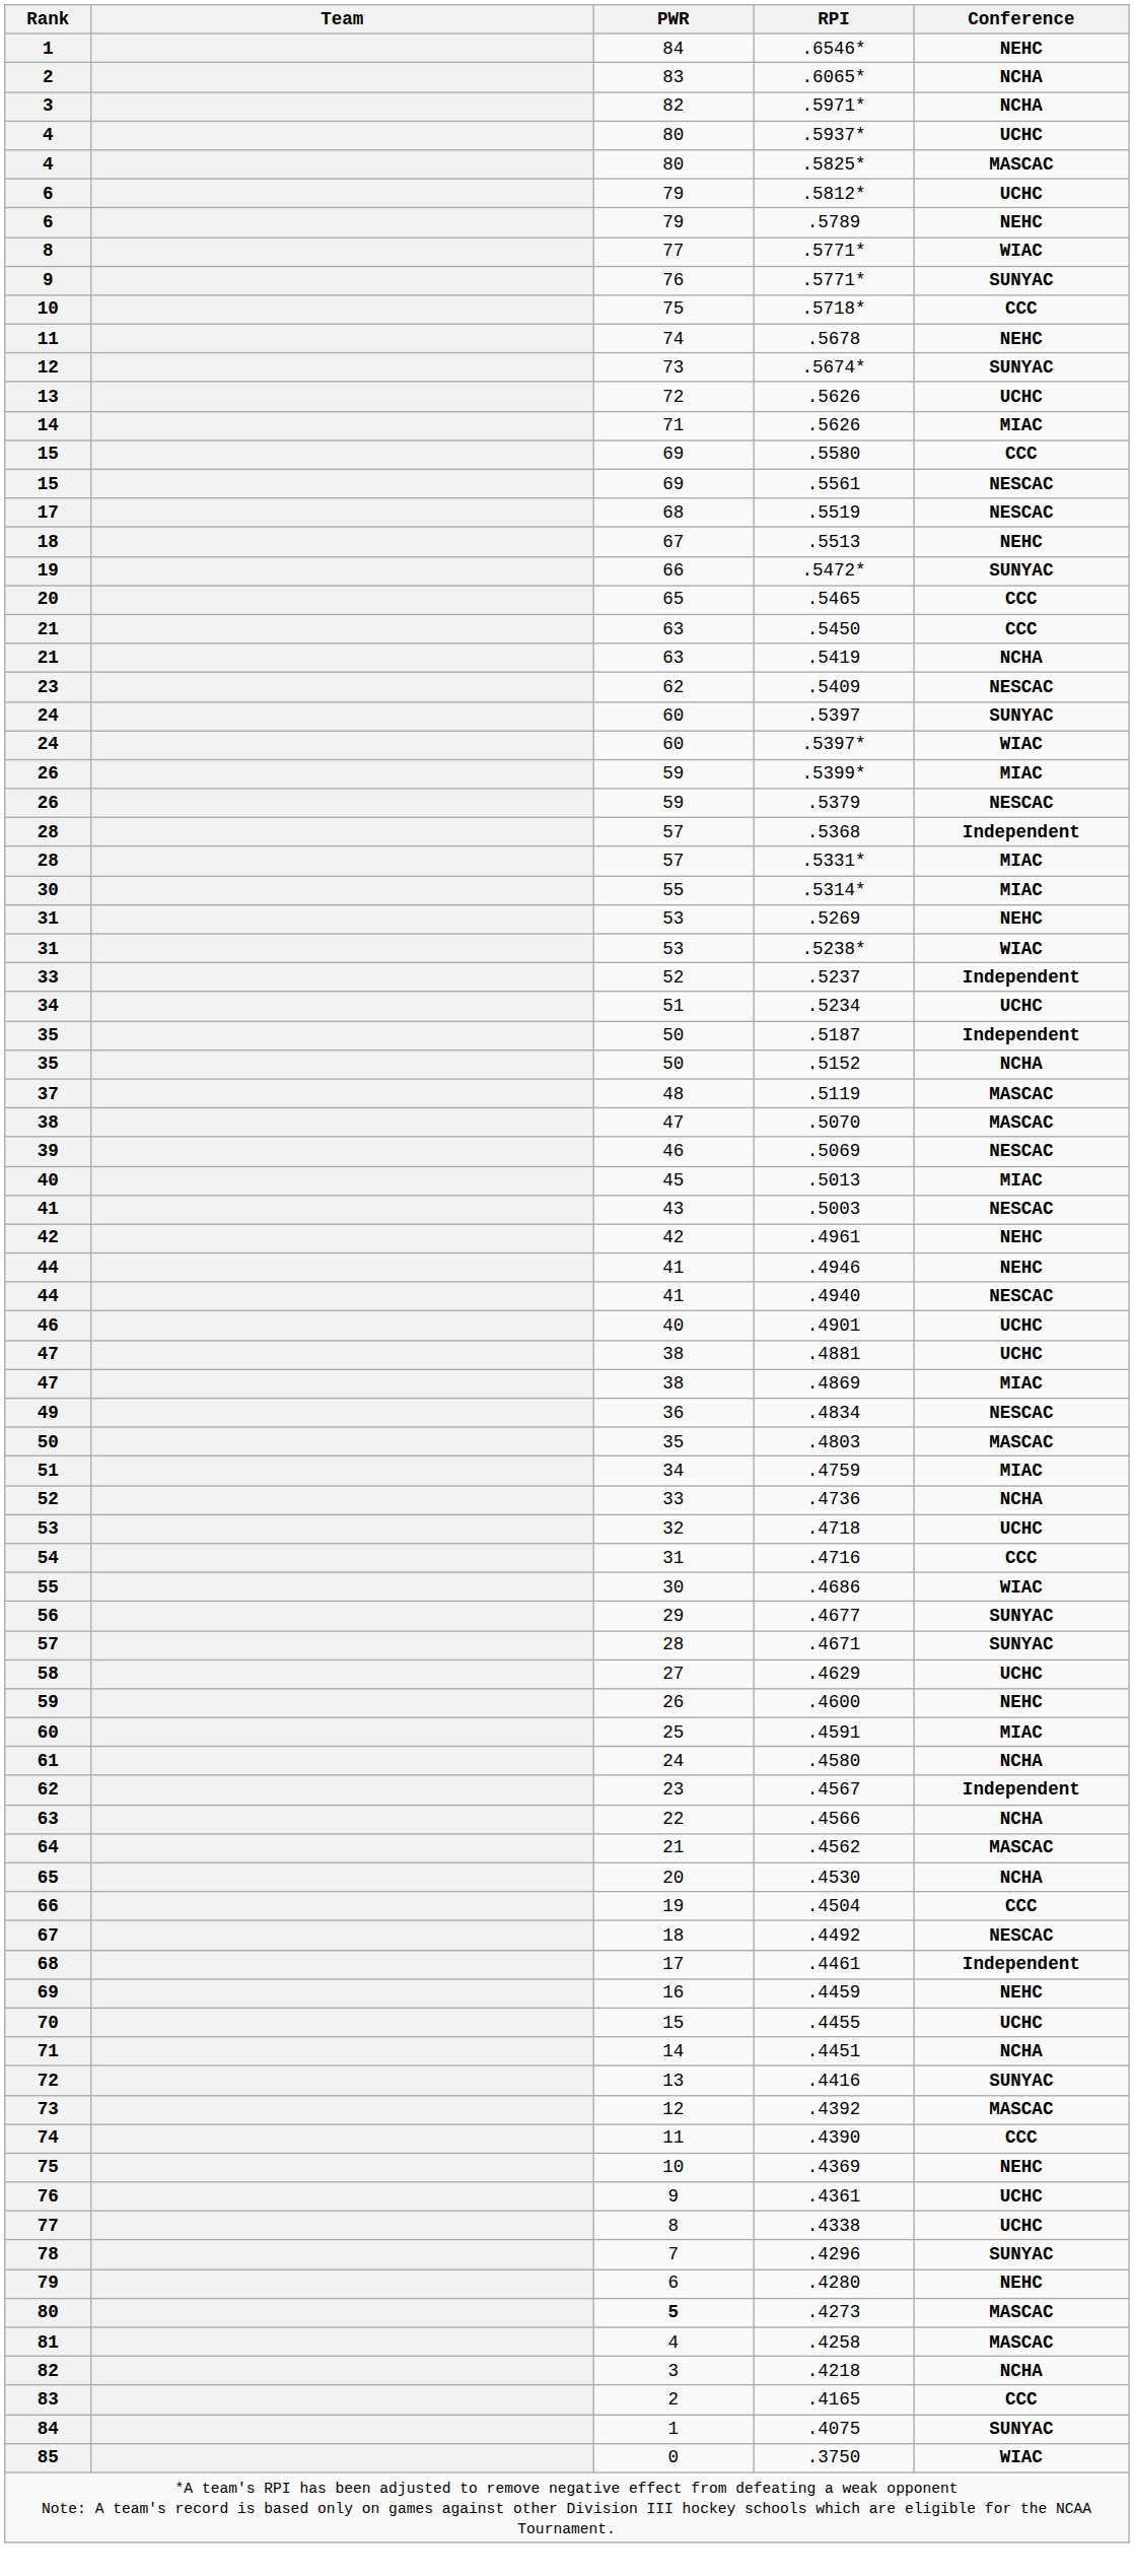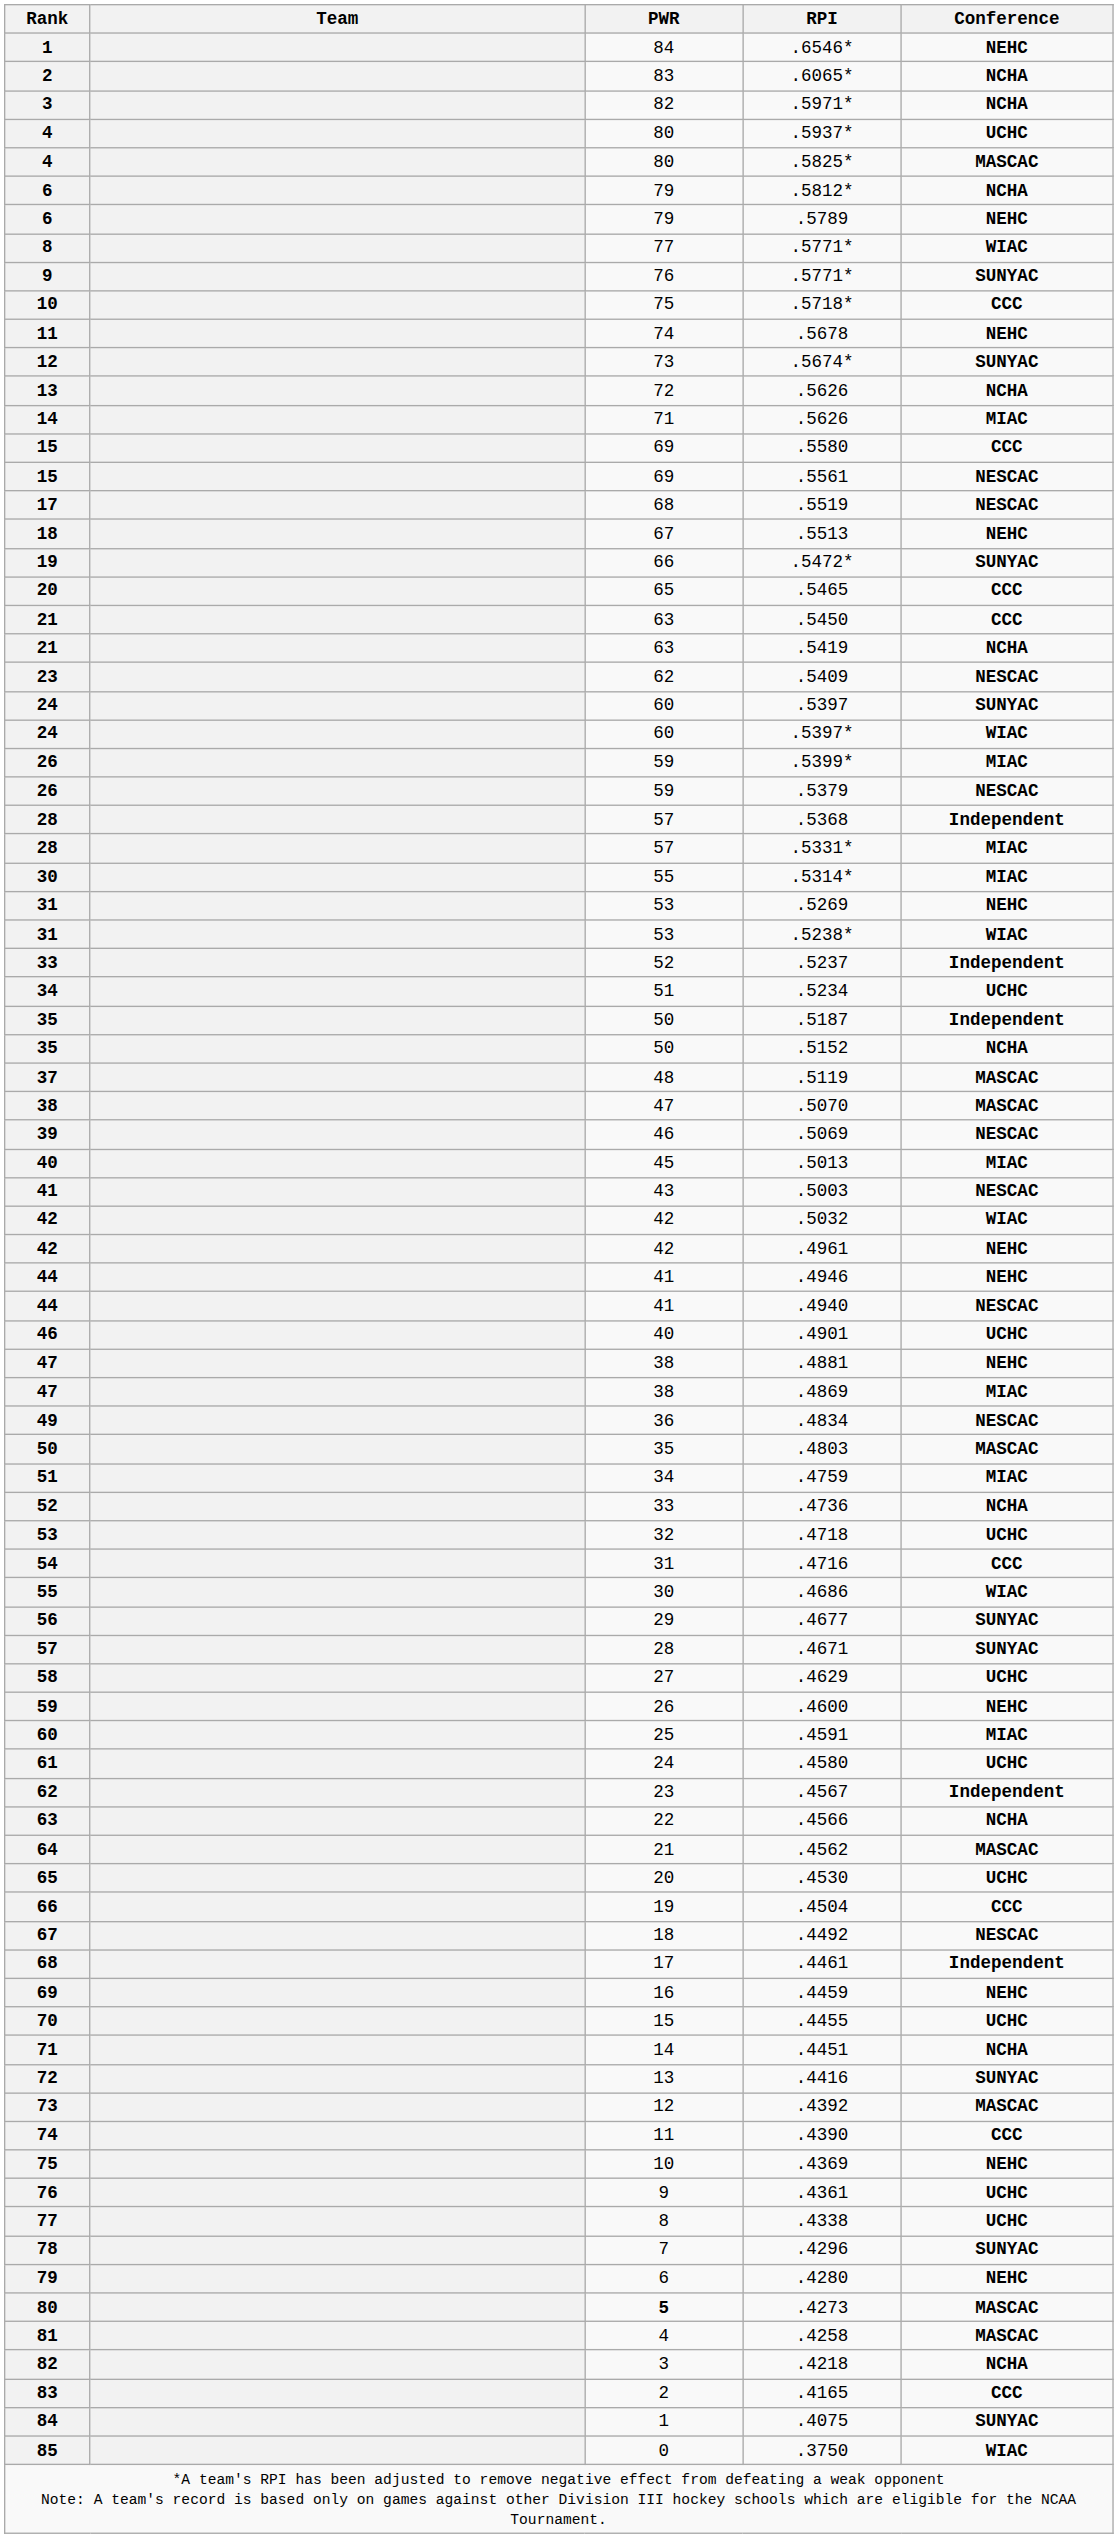 <table class="wikitable sortable" style="text-align: center;" width=65%>
 <tr>
 <th ! width="4%">Rank</th>
 <th ! width="25%">Team</th>
 <th ! width="8%">PWR</th>
 <th ! width="8%">RPI</th>
 <th ! width="10%">Conference</th>
 </tr>
 <tr>
 <th>1</th>
 <th align=center><strong><a href='#'></a></strong></th>
 <td>84</td>
 <td>.6546*</td>
 <td><strong>NEHC</strong></td>
 </tr>
 <tr>
 <th>2</th>
 <th align=center><strong><a href='#'></a></strong></th>
 <td>83</td>
 <td>.6065*</td>
 <td><strong>NCHA</strong></td>
 </tr>
 <tr>
 <th>3</th>
 <th align=center><strong><a href='#'></a></strong></th>
 <td>82</td>
 <td>.5971*</td>
 <td><strong>NCHA</strong></td>
 </tr>
 <tr>
 <th>4</th>
 <th align=center><strong><a href='#'></a></strong></th>
 <td>80</td>
 <td>.5937*</td>
 <td><strong>UCHC</strong></td>
 </tr>
 <tr>
 <th>4</th>
 <th align=center><strong><a href='#'></a></strong></th>
 <td>80</td>
 <td>.5825*</td>
 <td><strong>MASCAC</strong></td>
 </tr>
 <tr>
 <th>6</th>
 <th align=center><strong><a href='#'></a></strong></th>
 <td>79</td>
 <td>.5812*</td>
-<td><strong>UCHC</strong></td>
+<td><strong>NCHA</strong></td>
 </tr>
 <tr>
 <th>6</th>
 <th align=center><strong><a href='#'></a></strong></th>
 <td>79</td>
 <td>.5789</td>
 <td><strong>NEHC</strong></td>
 </tr>
 <tr>
 <th>8</th>
 <th align=center><strong><a href='#'></a></strong></th>
 <td>77</td>
 <td>.5771*</td>
 <td><strong>WIAC</strong></td>
 </tr>
 <tr>
 <th>9</th>
 <th align=center><strong><a href='#'></a></strong></th>
 <td>76</td>
 <td>.5771*</td>
 <td><strong>SUNYAC</strong></td>
 </tr>
 <tr>
 <th>10</th>
 <th align=center><strong><a href='#'></a></strong></th>
 <td>75</td>
 <td>.5718*</td>
 <td><strong>CCC</strong></td>
 </tr>
 <tr>
 <th>11</th>
 <th align=center><strong><a href='#'></a></strong></th>
 <td>74</td>
 <td>.5678</td>
 <td><strong>NEHC</strong></td>
 </tr>
 <tr>
 <th>12</th>
 <th align=center><strong><a href='#'></a></strong></th>
 <td>73</td>
 <td>.5674*</td>
 <td><strong>SUNYAC</strong></td>
 </tr>
 <tr>
 <th>13</th>
 <th align=center><strong><a href='#'></a></strong></th>
 <td>72</td>
 <td>.5626</td>
-<td><strong>UCHC</strong></td>
+<td><strong>NCHA</strong></td>
 </tr>
 <tr>
 <th>14</th>
 <th align=center><strong><a href='#'></a></strong></th>
 <td>71</td>
 <td>.5626</td>
 <td><strong>MIAC</strong></td>
 </tr>
 <tr>
 <th>15</th>
 <th align=center><strong><a href='#'></a></strong></th>
 <td>69</td>
 <td>.5580</td>
 <td><strong>CCC</strong></td>
 </tr>
 <tr>
 <th>15</th>
 <th align=center><strong><a href='#'></a></strong></th>
 <td>69</td>
 <td>.5561</td>
 <td><strong>NESCAC</strong></td>
 </tr>
 <tr>
 <th>17</th>
 <th align=center><strong><a href='#'></a></strong></th>
 <td>68</td>
 <td>.5519</td>
 <td><strong>NESCAC</strong></td>
 </tr>
 <tr>
 <th>18</th>
 <th align=center><strong><a href='#'></a></strong></th>
 <td>67</td>
 <td>.5513</td>
 <td><strong>NEHC</strong></td>
 </tr>
 <tr>
 <th>19</th>
 <th align=center><strong><a href='#'></a></strong></th>
 <td>66</td>
 <td>.5472*</td>
 <td><strong>SUNYAC</strong></td>
 </tr>
 <tr>
 <th>20</th>
 <th align=center><strong><a href='#'></a></strong></th>
 <td>65</td>
 <td>.5465</td>
 <td><strong>CCC</strong></td>
 </tr>
 <tr>
 <th>21</th>
 <th align=center><strong><a href='#'></a></strong></th>
 <td>63</td>
 <td>.5450</td>
 <td><strong>CCC</strong></td>
 </tr>
 <tr>
 <th>21</th>
 <th align=center><strong><a href='#'></a></strong></th>
 <td>63</td>
 <td>.5419</td>
 <td><strong>NCHA</strong></td>
 </tr>
 <tr>
 <th>23</th>
 <th align=center><strong><a href='#'></a></strong></th>
 <td>62</td>
 <td>.5409</td>
 <td><strong>NESCAC</strong></td>
 </tr>
 <tr>
 <th>24</th>
 <th align=center><strong><a href='#'></a></strong></th>
 <td>60</td>
 <td>.5397</td>
 <td><strong>SUNYAC</strong></td>
 </tr>
 <tr>
 <th>24</th>
 <th align=center><strong><a href='#'></a></strong></th>
 <td>60</td>
 <td>.5397*</td>
 <td><strong>WIAC</strong></td>
 </tr>
 <tr>
 <th>26</th>
 <th align=center><strong><a href='#'></a></strong></th>
 <td>59</td>
 <td>.5399*</td>
 <td><strong>MIAC</strong></td>
 </tr>
 <tr>
 <th>26</th>
 <th align=center><strong><a href='#'></a></strong></th>
 <td>59</td>
 <td>.5379</td>
 <td><strong>NESCAC</strong></td>
 </tr>
 <tr>
 <th>28</th>
 <th align=center><strong><a href='#'></a></strong></th>
 <td>57</td>
 <td>.5368</td>
 <td><strong>Independent</strong></td>
 </tr>
 <tr>
 <th>28</th>
 <th align=center><strong><a href='#'></a></strong></th>
 <td>57</td>
 <td>.5331*</td>
 <td><strong>MIAC</strong></td>
 </tr>
 <tr>
 <th>30</th>
 <th align=center><strong><a href='#'></a></strong></th>
 <td>55</td>
 <td>.5314*</td>
 <td><strong>MIAC</strong></td>
 </tr>
 <tr>
 <th>31</th>
 <th align=center><strong><a href='#'></a></strong></th>
 <td>53</td>
 <td>.5269</td>
 <td><strong>NEHC</strong></td>
 </tr>
 <tr>
 <th>31</th>
 <th align=center><strong><a href='#'></a></strong></th>
 <td>53</td>
 <td>.5238*</td>
 <td><strong>WIAC</strong></td>
 </tr>
 <tr>
 <th>33</th>
 <th align=center><strong><a href='#'></a></strong></th>
 <td>52</td>
 <td>.5237</td>
 <td><strong>Independent</strong></td>
 </tr>
 <tr>
 <th>34</th>
 <th align=center><strong><a href='#'></a></strong></th>
 <td>51</td>
 <td>.5234</td>
 <td><strong>UCHC</strong></td>
 </tr>
 <tr>
 <th>35</th>
 <th align=center><strong><a href='#'></a></strong></th>
 <td>50</td>
 <td>.5187</td>
 <td><strong>Independent</strong></td>
 </tr>
 <tr>
 <th>35</th>
 <th align=center><strong><a href='#'></a></strong></th>
 <td>50</td>
 <td>.5152</td>
 <td><strong>NCHA</strong></td>
 </tr>
 <tr>
 <th>37</th>
 <th align=center><strong><a href='#'></a></strong></th>
 <td>48</td>
 <td>.5119</td>
 <td><strong>MASCAC</strong></td>
 </tr>
 <tr>
 <th>38</th>
 <th align=center><strong><a href='#'></a></strong></th>
 <td>47</td>
 <td>.5070</td>
 <td><strong>MASCAC</strong></td>
 </tr>
 <tr>
 <th>39</th>
 <th align=center><strong><a href='#'></a></strong></th>
 <td>46</td>
 <td>.5069</td>
 <td><strong>NESCAC</strong></td>
 </tr>
 <tr>
 <th>40</th>
 <th align=center><strong><a href='#'></a></strong></th>
 <td>45</td>
 <td>.5013</td>
 <td><strong>MIAC</strong></td>
 </tr>
 <tr>
 <th>41</th>
 <th align=center><strong><a href='#'></a></strong></th>
 <td>43</td>
 <td>.5003</td>
 <td><strong>NESCAC</strong></td>
 </tr>
 <tr>
 <th>42</th>
 <th align=center><strong><a href='#'></a></strong></th>
 <td>42</td>
+<td>.5032</td>
+<td><strong>WIAC</strong></td>
+</tr>
+<tr>
+<th>42</th>
+<th align=center><strong><a href='#'></a></strong></th>
+<td>42</td>
 <td>.4961</td>
 <td><strong>NEHC</strong></td>
 </tr>
 <tr>
 <th>44</th>
 <th align=center><strong><a href='#'></a></strong></th>
 <td>41</td>
 <td>.4946</td>
 <td><strong>NEHC</strong></td>
 </tr>
 <tr>
 <th>44</th>
 <th align=center><strong><a href='#'></a></strong></th>
 <td>41</td>
 <td>.4940</td>
 <td><strong>NESCAC</strong></td>
 </tr>
 <tr>
 <th>46</th>
 <th align=center><strong><a href='#'></a></strong></th>
 <td>40</td>
 <td>.4901</td>
 <td><strong>UCHC</strong></td>
 </tr>
 <tr>
 <th>47</th>
 <th align=center><strong><a href='#'></a></strong></th>
 <td>38</td>
 <td>.4881</td>
-<td><strong>UCHC</strong></td>
+<td><strong>NEHC</strong></td>
 </tr>
 <tr>
 <th>47</th>
 <th align=center><strong><a href='#'></a></strong></th>
 <td>38</td>
 <td>.4869</td>
 <td><strong>MIAC</strong></td>
 </tr>
 <tr>
 <th>49</th>
 <th align=center><strong><a href='#'></a></strong></th>
 <td>36</td>
 <td>.4834</td>
 <td><strong>NESCAC</strong></td>
 </tr>
 <tr>
 <th>50</th>
 <th align=center><strong><a href='#'></a></strong></th>
 <td>35</td>
 <td>.4803</td>
 <td><strong>MASCAC</strong></td>
 </tr>
 <tr>
 <th>51</th>
 <th align=center><strong><a href='#'></a></strong></th>
 <td>34</td>
 <td>.4759</td>
 <td><strong>MIAC</strong></td>
 </tr>
 <tr>
 <th>52</th>
 <th align=center><strong><a href='#'></a></strong></th>
 <td>33</td>
 <td>.4736</td>
 <td><strong>NCHA</strong></td>
 </tr>
 <tr>
 <th>53</th>
 <th align=center><strong><a href='#'></a></strong></th>
 <td>32</td>
 <td>.4718</td>
 <td><strong>UCHC</strong></td>
 </tr>
 <tr>
 <th>54</th>
 <th align=center><strong><a href='#'></a></strong></th>
 <td>31</td>
 <td>.4716</td>
 <td><strong>CCC</strong></td>
 </tr>
 <tr>
 <th>55</th>
 <th align=center><strong><a href='#'></a></strong></th>
 <td>30</td>
 <td>.4686</td>
 <td><strong>WIAC</strong></td>
 </tr>
 <tr>
 <th>56</th>
 <th align=center><strong><a href='#'></a></strong></th>
 <td>29</td>
 <td>.4677</td>
 <td><strong>SUNYAC</strong></td>
 </tr>
 <tr>
 <th>57</th>
 <th align=center><strong><a href='#'></a></strong></th>
 <td>28</td>
 <td>.4671</td>
 <td><strong>SUNYAC</strong></td>
 </tr>
 <tr>
 <th>58</th>
 <th align=center><strong><a href='#'></a></strong></th>
 <td>27</td>
 <td>.4629</td>
 <td><strong>UCHC</strong></td>
 </tr>
 <tr>
 <th>59</th>
 <th align=center><strong><a href='#'></a></strong></th>
 <td>26</td>
 <td>.4600</td>
 <td><strong>NEHC</strong></td>
 </tr>
 <tr>
 <th>60</th>
 <th align=center><strong><a href='#'></a></strong></th>
 <td>25</td>
 <td>.4591</td>
 <td><strong>MIAC</strong></td>
 </tr>
 <tr>
 <th>61</th>
 <th align=center><strong><a href='#'></a></strong></th>
 <td>24</td>
 <td>.4580</td>
-<td><strong>NCHA</strong></td>
+<td><strong>UCHC</strong></td>
 </tr>
 <tr>
 <th>62</th>
 <th align=center><strong><a href='#'></a></strong></th>
 <td>23</td>
 <td>.4567</td>
 <td><strong>Independent</strong></td>
 </tr>
 <tr>
 <th>63</th>
 <th align=center><strong><a href='#'></a></strong></th>
 <td>22</td>
 <td>.4566</td>
 <td><strong>NCHA</strong></td>
 </tr>
 <tr>
 <th>64</th>
 <th align=center><strong><a href='#'></a></strong></th>
 <td>21</td>
 <td>.4562</td>
 <td><strong>MASCAC</strong></td>
 </tr>
 <tr>
 <th>65</th>
 <th align=center><strong><a href='#'></a></strong></th>
 <td>20</td>
 <td>.4530</td>
-<td><strong>NCHA</strong></td>
+<td><strong>UCHC</strong></td>
 </tr>
 <tr>
 <th>66</th>
 <th align=center><strong><a href='#'></a></strong></th>
 <td>19</td>
 <td>.4504</td>
 <td><strong>CCC</strong></td>
 </tr>
 <tr>
 <th>67</th>
 <th align=center><strong><a href='#'></a></strong></th>
 <td>18</td>
 <td>.4492</td>
 <td><strong>NESCAC</strong></td>
 </tr>
 <tr>
 <th>68</th>
 <th align=center><strong><a href='#'></a></strong></th>
 <td>17</td>
 <td>.4461</td>
 <td><strong>Independent</strong></td>
 </tr>
 <tr>
 <th>69</th>
 <th align=center><strong><a href='#'></a></strong></th>
 <td>16</td>
 <td>.4459</td>
 <td><strong>NEHC</strong></td>
 </tr>
 <tr>
 <th>70</th>
 <th align=center><strong><a href='#'></a></strong></th>
 <td>15</td>
 <td>.4455</td>
 <td><strong>UCHC</strong></td>
 </tr>
 <tr>
 <th>71</th>
 <th align=center><strong><a href='#'></a></strong></th>
 <td>14</td>
 <td>.4451</td>
 <td><strong>NCHA</strong></td>
 </tr>
 <tr>
 <th>72</th>
 <th align=center><strong><a href='#'></a></strong></th>
 <td>13</td>
 <td>.4416</td>
 <td><strong>SUNYAC</strong></td>
 </tr>
 <tr>
 <th>73</th>
 <th align=center><strong><a href='#'></a></strong></th>
 <td>12</td>
 <td>.4392</td>
 <td><strong>MASCAC</strong></td>
 </tr>
 <tr>
 <th>74</th>
 <th align=center><strong><a href='#'></a></strong></th>
 <td>11</td>
 <td>.4390</td>
 <td><strong>CCC</strong></td>
 </tr>
 <tr>
 <th>75</th>
 <th align=center><strong><a href='#'></a></strong></th>
 <td>10</td>
 <td>.4369</td>
 <td><strong>NEHC</strong></td>
 </tr>
 <tr>
 <th>76</th>
 <th align=center><strong><a href='#'></a></strong></th>
 <td>9</td>
 <td>.4361</td>
 <td><strong>UCHC</strong></td>
 </tr>
 <tr>
 <th>77</th>
 <th align=center><strong><a href='#'></a></strong></th>
 <td>8</td>
 <td>.4338</td>
 <td><strong>UCHC</strong></td>
 </tr>
 <tr>
 <th>78</th>
 <th align=center><strong><a href='#'></a></strong></th>
 <td>7</td>
 <td>.4296</td>
 <td><strong>SUNYAC</strong></td>
 </tr>
 <tr>
 <th>79</th>
 <th align=center><strong><a href='#'></a></strong></th>
 <td>6</td>
 <td>.4280</td>
 <td><strong>NEHC</strong></td>
 </tr>
 <tr>
 <th>80</th>
 <th align=center><strong><a href='#'></a></strong></th>
 <td><strong>5</strong></td>
 <td>.4273</td>
 <td><strong>MASCAC</strong></td>
 </tr>
 <tr>
 <th>81</th>
 <th align=center><strong><a href='#'></a></strong></th>
 <td>4</td>
 <td>.4258</td>
 <td><strong>MASCAC</strong></td>
 </tr>
 <tr>
 <th>82</th>
 <th align=center><strong><a href='#'></a></strong></th>
 <td>3</td>
 <td>.4218</td>
 <td><strong>NCHA</strong></td>
 </tr>
 <tr>
 <th>83</th>
 <th align=center><strong><a href='#'></a></strong></th>
 <td>2</td>
 <td>.4165</td>
 <td><strong>CCC</strong></td>
 </tr>
 <tr>
 <th>84</th>
 <th align=center><strong><a href='#'></a></strong></th>
 <td>1</td>
 <td>.4075</td>
 <td><strong>SUNYAC</strong></td>
 </tr>
 <tr>
 <th>85</th>
 <th align=center><strong><a href='#'></a></strong></th>
 <td>0</td>
 <td>.3750</td>
 <td><strong>WIAC</strong></td>
 </tr>
 <tr class="sortbottom">
 <td colspan=5 style="text-align:center;"><small> *A team's RPI has been adjusted to remove negative effect from defeating a weak opponent <br> Note: A team's record is based only on games against other Division III hockey schools which are eligible for the NCAA Tournament.</small></td>
 </tr>
 </table>
